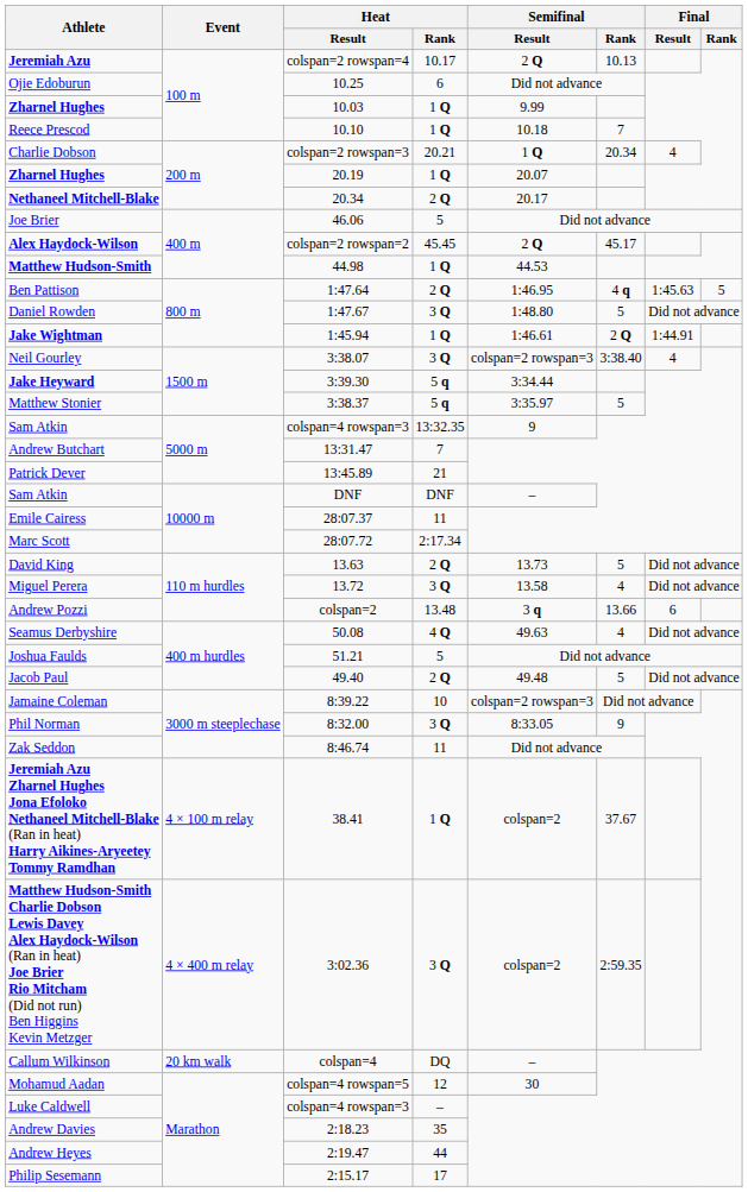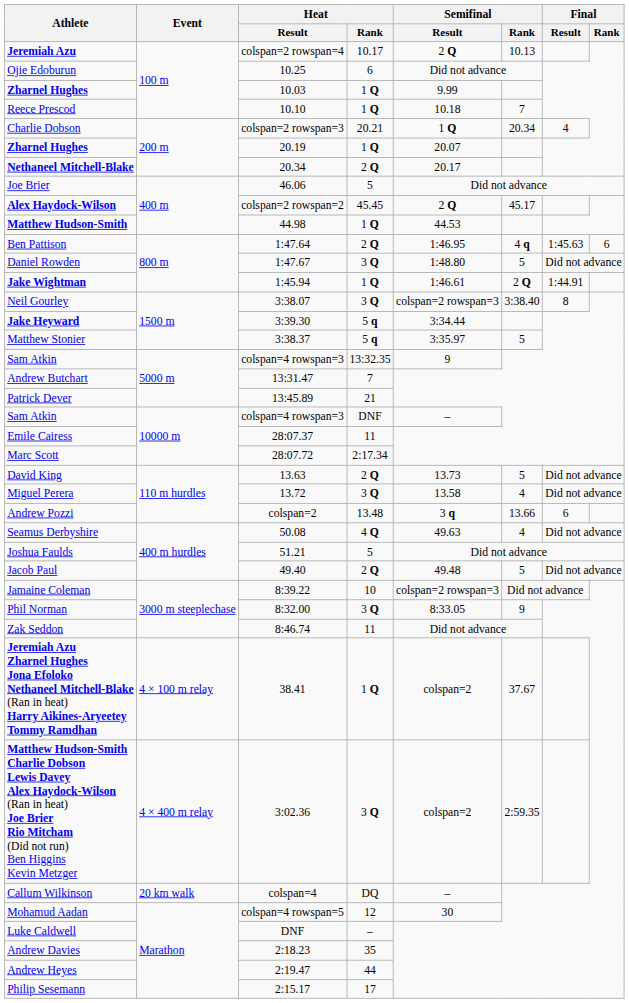 <table class="wikitable" style="font-size:90%">
 <tr>
 <th rowspan=2>Athlete</th>
 <th rowspan=2>Event</th>
 <th colspan=2>Heat</th>
 <th colspan=2>Semifinal</th>
 <th colspan=2>Final</th>
 </tr>
 <tr style="font-size:95%">
 <th>Result</th>
 <th>Rank</th>
 <th>Result</th>
 <th>Rank</th>
 <th>Result</th>
 <th>Rank</th>
 </tr>
 <tr align=center>
 <td align=left><strong><a href='#'>Jeremiah Azu</a></strong></td>
 <td style="text-align:left;" rowspan="4"><a href='#'>100 m</a></td>
 <td>colspan=2 rowspan=4 </td>
 <td>10.17</td>
 <td>2 <strong>Q</strong></td>
 <td>10.13</td>
 <td></td>
 </tr>
 <tr align=center>
 <td align=left><a href='#'>Ojie Edoburun</a></td>
 <td>10.25</td>
 <td>6</td>
 <td colspan=2>Did not advance</td>
 </tr>
 <tr align=center>
 <td align=left><strong><a href='#'>Zharnel Hughes</a></strong></td>
 <td>10.03</td>
 <td>1 <strong>Q</strong></td>
 <td>9.99</td>
 <td></td>
 </tr>
 <tr align=center>
 <td align=left><a href='#'>Reece Prescod</a></td>
 <td>10.10</td>
 <td>1 <strong>Q</strong></td>
 <td>10.18</td>
 <td>7</td>
 </tr>
 <tr align=center>
 <td align=left><a href='#'>Charlie Dobson</a></td>
 <td style="text-align:left;" rowspan="3"><a href='#'>200 m</a></td>
 <td>colspan=2 rowspan=3 </td>
 <td>20.21</td>
 <td>1 <strong>Q</strong></td>
 <td>20.34</td>
 <td>4</td>
 </tr>
 <tr align=center>
 <td align=left><strong><a href='#'>Zharnel Hughes</a></strong></td>
 <td>20.19</td>
 <td>1 <strong>Q</strong></td>
 <td>20.07</td>
 <td></td>
 </tr>
 <tr align=center>
 <td align=left><strong><a href='#'>Nethaneel Mitchell-Blake</a></strong></td>
 <td>20.34</td>
 <td>2 <strong>Q</strong></td>
 <td>20.17</td>
 <td></td>
 </tr>
 <tr align=center>
 <td align=left><a href='#'>Joe Brier</a></td>
 <td style="text-align:left;" rowspan="3"><a href='#'>400 m</a></td>
 <td>46.06</td>
 <td>5</td>
 <td colspan=4>Did not advance</td>
 </tr>
 <tr align=center>
 <td align=left><strong><a href='#'>Alex Haydock-Wilson</a></strong></td>
 <td>colspan=2 rowspan=2 </td>
 <td>45.45</td>
 <td>2 <strong>Q</strong></td>
 <td>45.17</td>
 <td></td>
 </tr>
 <tr align=center>
 <td align=left><strong><a href='#'>Matthew Hudson-Smith</a></strong></td>
 <td>44.98</td>
 <td>1 <strong>Q</strong></td>
 <td>44.53</td>
 <td></td>
 </tr>
 <tr align=center>
 <td align=left><a href='#'>Ben Pattison</a></td>
 <td style="text-align:left;" rowspan="3"><a href='#'>800 m</a></td>
 <td>1:47.64</td>
 <td>2 <strong>Q</strong></td>
 <td>1:46.95</td>
 <td>4 <strong>q</strong></td>
 <td>1:45.63</td>
-<td>5</td>
+<td>6</td>
 </tr>
 <tr align=center>
 <td align=left><a href='#'>Daniel Rowden</a></td>
 <td>1:47.67</td>
 <td>3 <strong>Q</strong></td>
 <td>1:48.80</td>
 <td>5</td>
 <td colspan=2>Did not advance</td>
 </tr>
 <tr align=center>
 <td align=left><strong><a href='#'>Jake Wightman</a></strong></td>
 <td>1:45.94</td>
 <td>1 <strong>Q</strong></td>
 <td>1:46.61</td>
 <td>2 <strong>Q</strong></td>
 <td>1:44.91</td>
 <td></td>
 </tr>
 <tr align=center>
 <td align=left><a href='#'>Neil Gourley</a></td>
 <td style="text-align:left;" rowspan="3"><a href='#'>1500 m</a></td>
 <td>3:38.07</td>
 <td>3 <strong>Q</strong></td>
 <td>colspan=2 rowspan=3 </td>
 <td>3:38.40</td>
-<td>4</td>
+<td>8</td>
 </tr>
 <tr align=center>
 <td align=left><strong><a href='#'>Jake Heyward</a></strong></td>
 <td>3:39.30</td>
 <td>5 <strong>q</strong></td>
 <td>3:34.44</td>
 <td></td>
 </tr>
 <tr align=center>
 <td align=left><a href='#'>Matthew Stonier</a></td>
 <td>3:38.37</td>
 <td>5 <strong>q</strong></td>
 <td>3:35.97</td>
 <td>5</td>
 </tr>
 <tr align=center>
 <td align=left><a href='#'>Sam Atkin</a></td>
 <td style="text-align:left;" rowspan="3"><a href='#'>5000 m</a></td>
 <td>colspan=4 rowspan=3 </td>
 <td>13:32.35</td>
 <td>9</td>
 </tr>
 <tr align=center>
 <td align=left><a href='#'>Andrew Butchart</a></td>
 <td>13:31.47</td>
 <td>7</td>
 </tr>
 <tr align=center>
 <td align=left><a href='#'>Patrick Dever</a></td>
 <td>13:45.89</td>
 <td>21</td>
 </tr>
 <tr align=center>
 <td align=left><a href='#'>Sam Atkin</a></td>
 <td align=left rowspan=3><a href='#'>10000 m</a></td>
-<td>DNF</td>
+<td>colspan=4 rowspan=3 </td>
 <td>DNF</td>
 <td>–</td>
 </tr>
 <tr align=center>
 <td align=left><a href='#'>Emile Cairess</a></td>
 <td>28:07.37</td>
 <td>11</td>
 </tr>
 <tr align=center>
 <td align=left><a href='#'>Marc Scott</a></td>
 <td>28:07.72</td>
 <td>2:17.34</td>
 </tr>
 <tr align=center>
 <td align=left><a href='#'>David King</a></td>
 <td style="text-align:left;" rowspan="3"><a href='#'>110 m hurdles</a></td>
 <td>13.63</td>
 <td>2 <strong>Q</strong></td>
 <td>13.73</td>
 <td>5</td>
 <td colspan=2>Did not advance</td>
 </tr>
 <tr align=center>
 <td align=left><a href='#'>Miguel Perera</a></td>
 <td>13.72</td>
 <td>3 <strong>Q</strong></td>
 <td>13.58</td>
 <td>4</td>
 <td colspan=2>Did not advance</td>
 </tr>
 <tr align=center>
 <td align=left><a href='#'>Andrew Pozzi</a></td>
 <td>colspan=2 </td>
 <td>13.48</td>
 <td>3 <strong>q</strong></td>
 <td>13.66</td>
 <td>6</td>
 </tr>
 <tr align=center>
 <td align=left><a href='#'>Seamus Derbyshire</a></td>
 <td style="text-align:left;" rowspan="3"><a href='#'>400 m hurdles</a></td>
 <td>50.08</td>
 <td>4 <strong>Q</strong></td>
 <td>49.63</td>
 <td>4</td>
 <td colspan=2>Did not advance</td>
 </tr>
 <tr align=center>
 <td align=left><a href='#'>Joshua Faulds</a></td>
 <td>51.21</td>
 <td>5</td>
 <td colspan=4z>Did not advance</td>
 </tr>
 <tr align=center>
 <td align=left><a href='#'>Jacob Paul</a></td>
 <td>49.40</td>
 <td>2 <strong>Q</strong></td>
 <td>49.48</td>
 <td>5</td>
 <td colspan=2>Did not advance</td>
 </tr>
 <tr align=center>
 <td align=left><a href='#'>Jamaine Coleman</a></td>
 <td style="text-align:left;" rowspan="3"><a href='#'>3000 m steeplechase</a></td>
 <td>8:39.22</td>
 <td>10</td>
 <td>colspan=2 rowspan=3 </td>
 <td colspan=2>Did not advance</td>
 </tr>
 <tr align=center>
 <td align=left><a href='#'>Phil Norman</a></td>
 <td>8:32.00</td>
 <td>3 <strong>Q</strong></td>
 <td>8:33.05</td>
 <td>9</td>
 </tr>
 <tr align=center>
 <td align=left><a href='#'>Zak Seddon</a></td>
 <td>8:46.74</td>
 <td>11</td>
 <td colspan=2>Did not advance</td>
 </tr>
 <tr align=center>
 <td align=left><strong><a href='#'>Jeremiah Azu</a><br><a href='#'>Zharnel Hughes</a><br><a href='#'>Jona Efoloko</a><br><a href='#'>Nethaneel Mitchell-Blake</a></strong><br>(Ran in heat)<br><strong><a href='#'>Harry Aikines-Aryeetey</a><br><a href='#'>Tommy Ramdhan</a></strong></td>
 <td align=left><a href='#'>4 × 100 m relay</a></td>
 <td>38.41</td>
 <td>1 <strong>Q</strong></td>
 <td>colspan=2 </td>
 <td>37.67</td>
 <td></td>
 </tr>
 <tr align=center>
 <td align=left><strong><a href='#'>Matthew Hudson-Smith</a><br><a href='#'>Charlie Dobson</a><br><a href='#'>Lewis Davey</a><br><a href='#'>Alex Haydock-Wilson</a></strong><br>(Ran in heat)<br><strong><a href='#'>Joe Brier</a><br><a href='#'>Rio Mitcham</a></strong><br>(Did not run)<br><a href='#'>Ben Higgins</a><br><a href='#'>Kevin Metzger</a></td>
 <td align=left><a href='#'>4 × 400 m relay</a></td>
 <td>3:02.36</td>
 <td>3 <strong>Q</strong></td>
 <td>colspan=2 </td>
 <td>2:59.35</td>
 <td></td>
 </tr>
 <tr align=center>
 <td align=left><a href='#'>Callum Wilkinson</a></td>
 <td style="text-align:left;"><a href='#'>20 km walk</a></td>
 <td>colspan=4 </td>
 <td>DQ</td>
 <td>–</td>
 </tr>
 <tr align=center>
 <td align=left><a href='#'>Mohamud Aadan</a></td>
 <td style="text-align:left;" rowspan="5"><a href='#'>Marathon</a></td>
 <td>colspan=4 rowspan=5 </td>
 <td>12</td>
 <td>30</td>
 </tr>
 <tr align=center>
 <td align=left><a href='#'>Luke Caldwell</a></td>
-<td>colspan=4 rowspan=3 </td>
+<td>DNF</td>
 <td>–</td>
 </tr>
 <tr align=center>
 <td align=left><a href='#'>Andrew Davies</a></td>
 <td>2:18.23</td>
 <td>35</td>
 </tr>
 <tr align=center>
 <td align=left><a href='#'>Andrew Heyes</a></td>
 <td>2:19.47</td>
 <td>44</td>
 </tr>
 <tr align=center>
 <td align=left><a href='#'>Philip Sesemann</a></td>
 <td>2:15.17</td>
 <td>17</td>
 </tr>
 </table>
